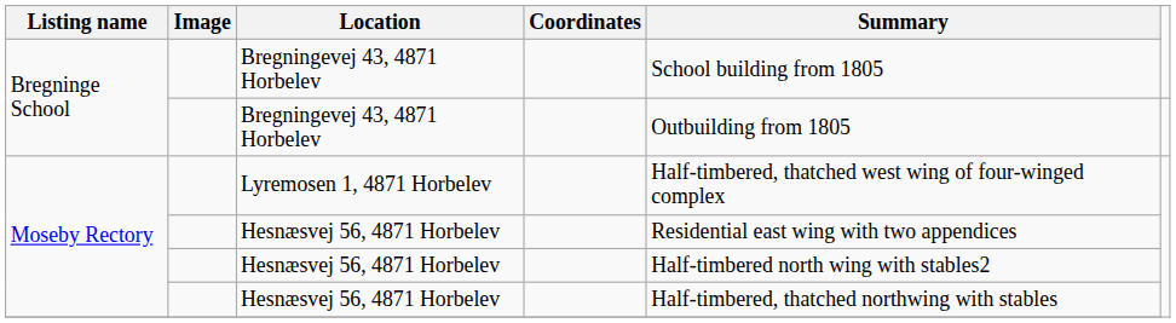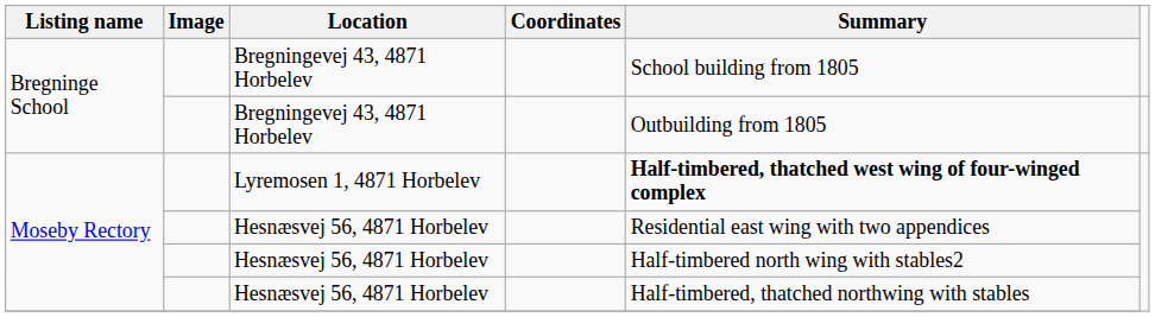 <table class="wikitable sortable">
 <tr>
 <th>Listing name</th>
 <th>Image</th>
 <th>Location</th>
 <th>Coordinates</th>
 <th>Summary</th>
 </tr>
 <tr>
 <td rowspan="2">Bregninge School</td>
 <td></td>
 <td>Bregningevej 43, 4871 Horbelev</td>
 <td></td>
 <td>School building from 1805</td>
 </tr>
 <tr>
 <td></td>
 <td>Bregningevej 43, 4871 Horbelev</td>
 <td></td>
 <td>Outbuilding from 1805</td>
 <td></td>
 </tr>
 <tr>
 <td rowspan="4"><a href='#'>Moseby Rectory</a></td>
 <td></td>
 <td>Lyremosen 1, 4871 Horbelev</td>
 <td></td>
-<td>Half-timbered, thatched west wing of four-winged complex</td>
+<td><strong>Half-timbered, thatched west wing of four-winged complex</strong></td>
 </tr>
 <tr>
 <td></td>
 <td>Hesnæsvej 56, 4871 Horbelev</td>
 <td></td>
 <td>Residential east wing with two appendices</td>
 </tr>
 <tr>
 <td></td>
 <td>Hesnæsvej 56, 4871 Horbelev</td>
 <td></td>
 <td>Half-timbered north wing with stables2</td>
 </tr>
 <tr>
 <td></td>
 <td>Hesnæsvej 56, 4871 Horbelev</td>
 <td></td>
 <td>Half-timbered, thatched northwing with stables</td>
 </tr>
 <tr>
 </tr>
 </table>
